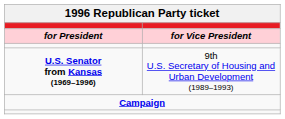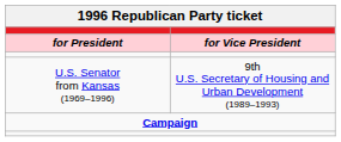 <table class="wikitable" style="font-size:90%; text-align:center;">
 <tr>
 <td style="background:#f1f1f1;" colspan="30"><big><strong>1996 Republican Party ticket</strong></big></td>
 </tr>
 <tr>
 <th style="width:3em; font-size:135%; background:#E81B23; width:200px;"><a href='#'></a></th>
 <th style="width:3em; font-size:135%; background:#E81B23; width:200px;"><a href='#'></a></th>
 </tr>
 <tr style="color:#000; font-size:100%; background:#ffd0d7;">
 <td style="width:3em; width:200px;"><strong><em>for President</em></strong></td>
 <td style="width:3em; width:200px;"><strong><em>for Vice President</em></strong></td>
 </tr>
 <tr>
 <td></td>
 <td></td>
 </tr>
 <tr>
-<td><strong><a href='#'>U.S. Senator</a><br> from <a href='#'>Kansas</a><br><small>(1969–1996)</small></strong></td>
+<td><a href='#'>U.S. Senator</a><br> from <a href='#'>Kansas</a><br><small>(1969–1996)</small></td>
 <td>9th<br><a href='#'>U.S. Secretary of Housing and Urban Development</a><br><small>(1989–1993)</small></td>
 </tr>
 <tr>
 <td colspan=2><a href='#'><strong>Campaign</strong></a></td>
 </tr>
 <tr>
 <td colspan=2></td>
 </tr>
 </table>
